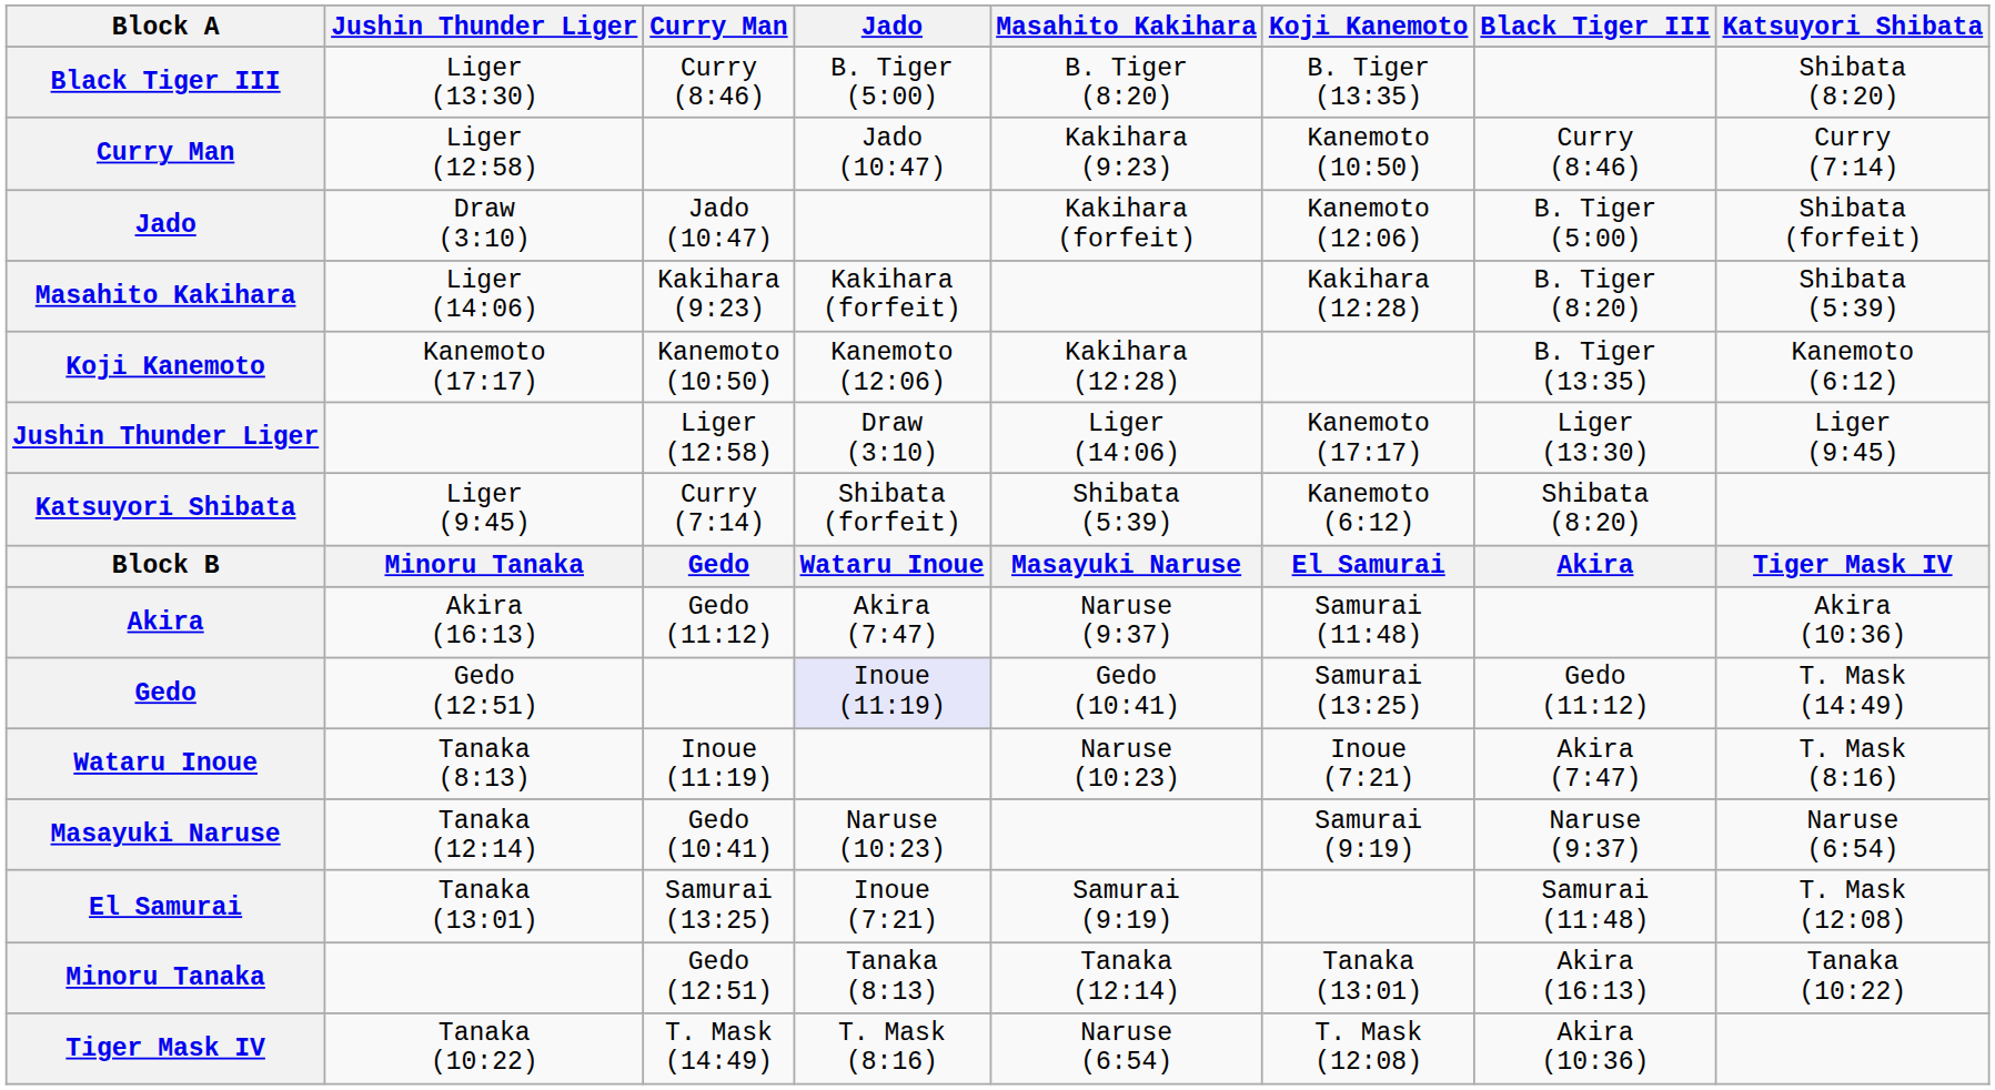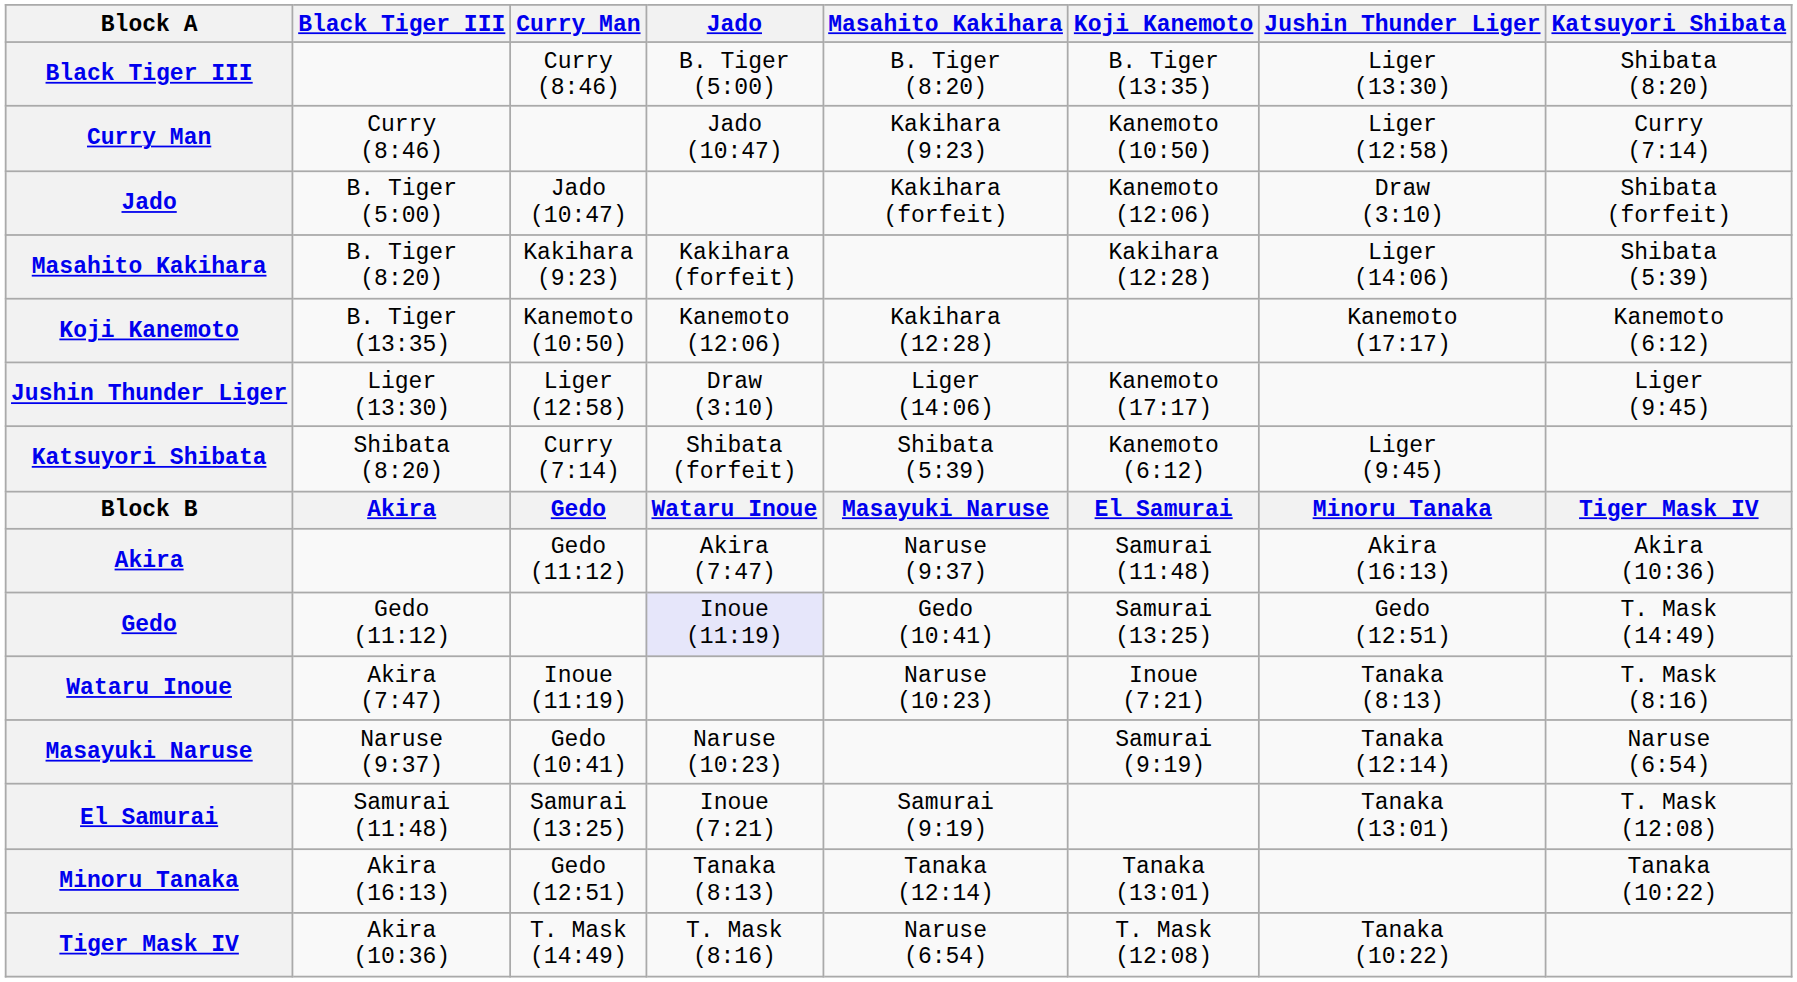 <table class="wikitable" style="margin: 1em auto 1em auto">
 <tr>
 <th>Block A</th>
-<th><a href='#'>Jushin Thunder Liger</a></th>
+<th><a href='#'>Black Tiger III</a></th>
 <th><a href='#'>Curry Man</a></th>
 <th><a href='#'>Jado</a></th>
 <th><a href='#'>Masahito Kakihara</a></th>
 <th><a href='#'>Koji Kanemoto</a></th>
-<th><a href='#'>Black Tiger III</a></th>
+<th><a href='#'>Jushin Thunder Liger</a></th>
 <th><a href='#'>Katsuyori Shibata</a></th>
 </tr>
 <tr align="center">
 <th><a href='#'>Black Tiger III</a></th>
-<td>Liger<br>(13:30)</td>
+<td></td>
 <td>Curry<br>(8:46)</td>
 <td>B. Tiger<br>(5:00)</td>
 <td>B. Tiger<br>(8:20)</td>
 <td>B. Tiger<br>(13:35)</td>
-<td></td>
+<td>Liger<br>(13:30)</td>
 <td>Shibata<br>(8:20)</td>
 </tr>
 <tr align="center">
 <th><a href='#'>Curry Man</a></th>
-<td>Liger<br>(12:58)</td>
+<td>Curry<br>(8:46)</td>
 <td></td>
 <td>Jado<br>(10:47)</td>
 <td>Kakihara<br>(9:23)</td>
 <td>Kanemoto<br>(10:50)</td>
-<td>Curry<br>(8:46)</td>
+<td>Liger<br>(12:58)</td>
 <td>Curry<br>(7:14)</td>
 </tr>
 <tr align="center">
 <th><a href='#'>Jado</a></th>
-<td>Draw<br>(3:10)</td>
+<td>B. Tiger<br>(5:00)</td>
 <td>Jado<br>(10:47)</td>
 <td></td>
 <td>Kakihara<br>(forfeit)</td>
 <td>Kanemoto<br>(12:06)</td>
-<td>B. Tiger<br>(5:00)</td>
+<td>Draw<br>(3:10)</td>
 <td>Shibata<br>(forfeit)</td>
 </tr>
 <tr align="center">
 <th><a href='#'>Masahito Kakihara</a></th>
-<td>Liger<br>(14:06)</td>
+<td>B. Tiger<br>(8:20)</td>
 <td>Kakihara<br>(9:23)</td>
 <td>Kakihara<br>(forfeit)</td>
 <td></td>
 <td>Kakihara<br>(12:28)</td>
-<td>B. Tiger<br>(8:20)</td>
+<td>Liger<br>(14:06)</td>
 <td>Shibata<br>(5:39)</td>
 </tr>
 <tr align="center">
 <th><a href='#'>Koji Kanemoto</a></th>
-<td>Kanemoto<br>(17:17)</td>
+<td>B. Tiger<br>(13:35)</td>
 <td>Kanemoto<br>(10:50)</td>
 <td>Kanemoto<br>(12:06)</td>
 <td>Kakihara<br>(12:28)</td>
 <td></td>
-<td>B. Tiger<br>(13:35)</td>
+<td>Kanemoto<br>(17:17)</td>
 <td>Kanemoto<br>(6:12)</td>
 </tr>
 <tr align="center">
 <th><a href='#'>Jushin Thunder Liger</a></th>
-<td></td>
+<td>Liger<br>(13:30)</td>
 <td>Liger<br>(12:58)</td>
 <td>Draw<br>(3:10)</td>
 <td>Liger<br>(14:06)</td>
 <td>Kanemoto<br>(17:17)</td>
-<td>Liger<br>(13:30)</td>
+<td></td>
 <td>Liger<br>(9:45)</td>
 </tr>
 <tr align="center">
 <th><a href='#'>Katsuyori Shibata</a></th>
-<td>Liger<br>(9:45)</td>
+<td>Shibata<br>(8:20)</td>
 <td>Curry<br>(7:14)</td>
 <td>Shibata<br>(forfeit)</td>
 <td>Shibata<br>(5:39)</td>
 <td>Kanemoto<br>(6:12)</td>
-<td>Shibata<br>(8:20)</td>
+<td>Liger<br>(9:45)</td>
 <td></td>
 </tr>
 <tr align="center">
 <th>Block B</th>
-<th><a href='#'>Minoru Tanaka</a></th>
+<th><a href='#'>Akira</a></th>
 <th><a href='#'>Gedo</a></th>
 <th><a href='#'>Wataru Inoue</a></th>
 <th><a href='#'>Masayuki Naruse</a></th>
 <th><a href='#'>El Samurai</a></th>
-<th><a href='#'>Akira</a></th>
+<th><a href='#'>Minoru Tanaka</a></th>
 <th><a href='#'>Tiger Mask IV</a></th>
 </tr>
 <tr align="center">
 <th><a href='#'>Akira</a></th>
-<td>Akira<br>(16:13)</td>
+<td></td>
 <td>Gedo<br>(11:12)</td>
 <td>Akira<br>(7:47)</td>
 <td>Naruse<br>(9:37)</td>
 <td>Samurai<br>(11:48)</td>
-<td></td>
+<td>Akira<br>(16:13)</td>
 <td>Akira<br>(10:36)</td>
 </tr>
 <tr align="center">
 <th><a href='#'>Gedo</a></th>
-<td>Gedo<br>(12:51)</td>
+<td>Gedo<br>(11:12)</td>
 <td></td>
 <td style="background: lavender;">Inoue<br>(11:19)</td>
 <td>Gedo<br>(10:41)</td>
 <td>Samurai<br>(13:25)</td>
-<td>Gedo<br>(11:12)</td>
+<td>Gedo<br>(12:51)</td>
 <td>T. Mask<br>(14:49)</td>
 </tr>
 <tr align="center">
 <th><a href='#'>Wataru Inoue</a></th>
-<td>Tanaka<br>(8:13)</td>
+<td>Akira<br>(7:47)</td>
 <td>Inoue<br>(11:19)</td>
 <td></td>
 <td>Naruse<br>(10:23)</td>
 <td>Inoue<br>(7:21)</td>
-<td>Akira<br>(7:47)</td>
+<td>Tanaka<br>(8:13)</td>
 <td>T. Mask<br>(8:16)</td>
 </tr>
 <tr align="center">
 <th><a href='#'>Masayuki Naruse</a></th>
-<td>Tanaka<br>(12:14)</td>
+<td>Naruse<br>(9:37)</td>
 <td>Gedo<br>(10:41)</td>
 <td>Naruse<br>(10:23)</td>
 <td></td>
 <td>Samurai<br>(9:19)</td>
-<td>Naruse<br>(9:37)</td>
+<td>Tanaka<br>(12:14)</td>
 <td>Naruse<br>(6:54)</td>
 </tr>
 <tr align="center">
 <th><a href='#'>El Samurai</a></th>
-<td>Tanaka<br>(13:01)</td>
+<td>Samurai<br>(11:48)</td>
 <td>Samurai<br>(13:25)</td>
 <td>Inoue<br>(7:21)</td>
 <td>Samurai<br>(9:19)</td>
 <td></td>
-<td>Samurai<br>(11:48)</td>
+<td>Tanaka<br>(13:01)</td>
 <td>T. Mask<br>(12:08)</td>
 </tr>
 <tr align="center">
 <th><a href='#'>Minoru Tanaka</a></th>
-<td></td>
+<td>Akira<br>(16:13)</td>
 <td>Gedo<br>(12:51)</td>
 <td>Tanaka<br>(8:13)</td>
 <td>Tanaka<br>(12:14)</td>
 <td>Tanaka<br>(13:01)</td>
-<td>Akira<br>(16:13)</td>
+<td></td>
 <td>Tanaka<br>(10:22)</td>
 </tr>
 <tr align="center">
 <th><a href='#'>Tiger Mask IV</a></th>
-<td>Tanaka<br>(10:22)</td>
+<td>Akira<br>(10:36)</td>
 <td>T. Mask<br>(14:49)</td>
 <td>T. Mask<br>(8:16)</td>
 <td>Naruse<br>(6:54)</td>
 <td>T. Mask<br>(12:08)</td>
-<td>Akira<br>(10:36)</td>
+<td>Tanaka<br>(10:22)</td>
 <td></td>
 </tr>
 </table>
